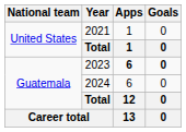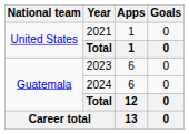 <table class="wikitable" style="text-align:center">
 <tr>
 <th>National team</th>
 <th>Year</th>
 <th>Apps</th>
 <th>Goals</th>
 </tr>
 <tr>
 <td rowspan=2><a href='#'>United States</a></td>
 <td>2021</td>
 <td>1</td>
 <td>0</td>
 </tr>
 <tr>
 <th>Total</th>
 <th>1</th>
 <th>0</th>
 </tr>
 <tr>
 <td rowspan=3><a href='#'>Guatemala</a></td>
 <td>2023</td>
-<td><strong>6</strong></td>
-<td><strong>0</strong></td>
+<td>6</td>
+<td>0</td>
 </tr>
 <tr>
 <td>2024</td>
 <td>6</td>
 <td>0</td>
 </tr>
 <tr>
 <th>Total</th>
 <th>12</th>
 <th>0</th>
 </tr>
 <tr>
 <th colspan=2>Career total</th>
 <th>13</th>
 <th>0</th>
 </tr>
 </table>
